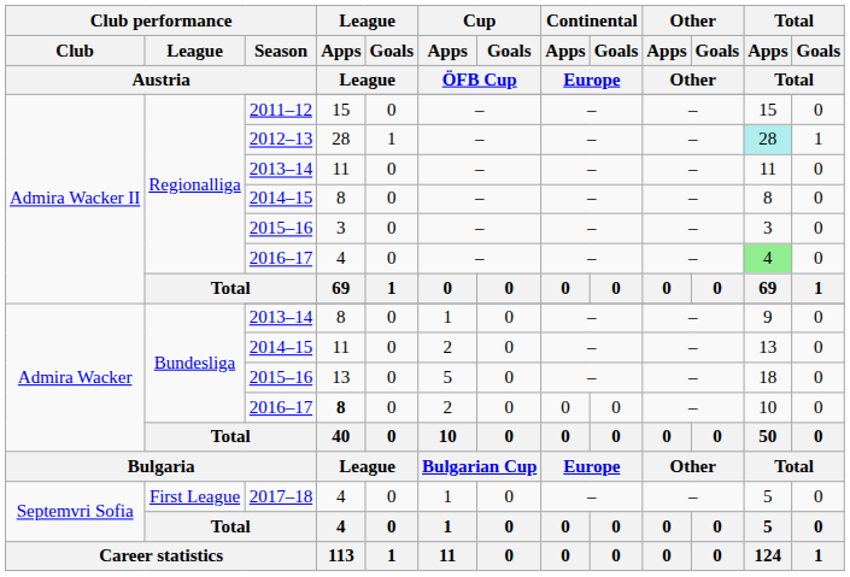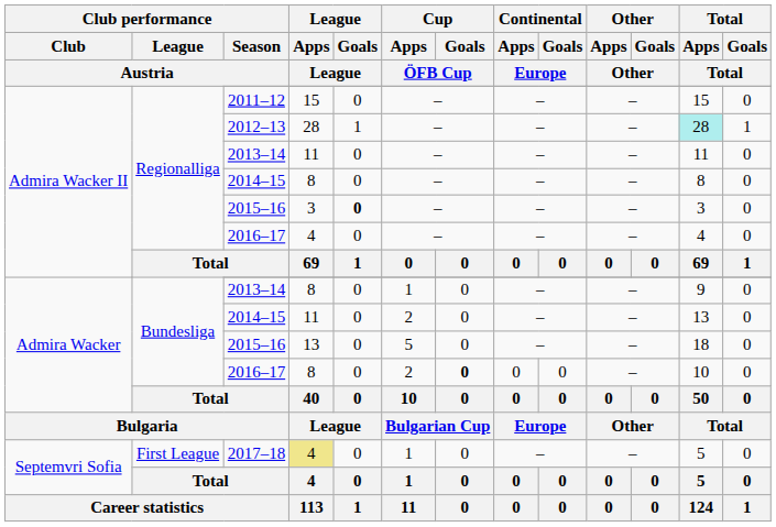 <table class="wikitable" style="font-size:90%; text-align: center">
 <tr>
 <th Colspan="3">Club performance</th>
 <th Colspan="2">League</th>
 <th Colspan="2">Cup</th>
 <th Colspan="2">Continental</th>
 <th Colspan="2">Other</th>
 <th Colspan="3">Total</th>
 </tr>
 <tr>
 <th>Club</th>
 <th>League</th>
 <th>Season</th>
 <th>Apps</th>
 <th>Goals</th>
 <th>Apps</th>
 <th>Goals</th>
 <th>Apps</th>
 <th>Goals</th>
 <th>Apps</th>
 <th>Goals</th>
 <th>Apps</th>
 <th>Goals</th>
 </tr>
 <tr>
 <th Colspan="3">Austria</th>
 <th Colspan="2">League</th>
 <th Colspan="2"><a href='#'>ÖFB Cup</a></th>
 <th Colspan="2"><a href='#'>Europe</a></th>
 <th Colspan="2">Other</th>
 <th Colspan="2">Total</th>
 </tr>
 <tr>
 <td rowspan="8" valign="center"><a href='#'>Admira Wacker II</a></td>
 <td rowspan="7"><a href='#'>Regionalliga</a></td>
 </tr>
 <tr>
 <td><a href='#'>2011–12</a></td>
 <td>15</td>
 <td>0</td>
 <td colspan="2">–</td>
 <td colspan="2">–</td>
 <td colspan="2">–</td>
 <td>15</td>
 <td>0</td>
 </tr>
 <tr>
 <td><a href='#'>2012–13</a></td>
 <td>28</td>
 <td>1</td>
 <td colspan="2">–</td>
 <td colspan="2">–</td>
 <td colspan="2">–</td>
 <td style="background: paleturquoise;">28</td>
 <td>1</td>
 </tr>
 <tr>
 <td><a href='#'>2013–14</a></td>
 <td>11</td>
 <td>0</td>
 <td colspan="2">–</td>
 <td colspan="2">–</td>
 <td colspan="2">–</td>
 <td>11</td>
 <td>0</td>
 </tr>
 <tr>
 <td><a href='#'>2014–15</a></td>
 <td>8</td>
 <td>0</td>
 <td colspan="2">–</td>
 <td colspan="2">–</td>
 <td colspan="2">–</td>
 <td>8</td>
 <td>0</td>
 </tr>
 <tr>
 <td><a href='#'>2015–16</a></td>
 <td>3</td>
-<td>0</td>
+<td><strong>0</strong></td>
 <td colspan="2">–</td>
 <td colspan="2">–</td>
 <td colspan="2">–</td>
 <td>3</td>
 <td>0</td>
 </tr>
 <tr>
 <td><a href='#'>2016–17</a></td>
 <td>4</td>
 <td>0</td>
 <td colspan="2">–</td>
 <td colspan="2">–</td>
 <td colspan="2">–</td>
-<td style="background: lightgreen;">4</td>
+<td>4</td>
 <td>0</td>
 </tr>
 <tr>
 <th colspan=2>Total</th>
 <th>69</th>
 <th>1</th>
 <th>0</th>
 <th>0</th>
 <th>0</th>
 <th>0</th>
 <th>0</th>
 <th>0</th>
 <th>69</th>
 <th>1</th>
 </tr>
 <tr>
 <td rowspan="6" valign="center"><a href='#'>Admira Wacker</a></td>
 <td rowspan="5"><a href='#'>Bundesliga</a></td>
 </tr>
 <tr>
 <td><a href='#'>2013–14</a></td>
 <td>8</td>
 <td>0</td>
 <td>1</td>
 <td>0</td>
 <td colspan="2">–</td>
 <td colspan="2">–</td>
 <td>9</td>
 <td>0</td>
 </tr>
 <tr>
 <td><a href='#'>2014–15</a></td>
 <td>11</td>
 <td>0</td>
 <td>2</td>
 <td>0</td>
 <td colspan="2">–</td>
 <td colspan="2">–</td>
 <td>13</td>
 <td>0</td>
 </tr>
 <tr>
 <td><a href='#'>2015–16</a></td>
 <td>13</td>
 <td>0</td>
 <td>5</td>
 <td>0</td>
 <td colspan="2">–</td>
 <td colspan="2">–</td>
 <td>18</td>
 <td>0</td>
 </tr>
 <tr>
 <td><a href='#'>2016–17</a></td>
-<td><strong>8</strong></td>
+<td>8</td>
 <td>0</td>
 <td>2</td>
-<td>0</td>
+<td><strong>0</strong></td>
 <td>0</td>
 <td>0</td>
 <td colspan="2">–</td>
 <td>10</td>
 <td>0</td>
 </tr>
 <tr>
 <th colspan=2>Total</th>
 <th>40</th>
 <th>0</th>
 <th>10</th>
 <th>0</th>
 <th>0</th>
 <th>0</th>
 <th>0</th>
 <th>0</th>
 <th>50</th>
 <th>0</th>
 </tr>
 <tr>
 <th Colspan="3">Bulgaria</th>
 <th Colspan="2">League</th>
 <th Colspan="2"><a href='#'>Bulgarian Cup</a></th>
 <th Colspan="2"><a href='#'>Europe</a></th>
 <th Colspan="2">Other</th>
 <th Colspan="2">Total</th>
 </tr>
 <tr>
 <td rowspan="2" valign="center"><a href='#'>Septemvri Sofia</a></td>
 <td rowspan="1"><a href='#'>First League</a></td>
 <td><a href='#'>2017–18</a></td>
-<td>4</td>
+<td style="background: khaki;">4</td>
 <td>0</td>
 <td>1</td>
 <td>0</td>
 <td colspan="2">–</td>
 <td colspan="2">–</td>
 <td>5</td>
 <td>0</td>
 </tr>
 <tr>
 <th colspan=2>Total</th>
 <th>4</th>
 <th>0</th>
 <th>1</th>
 <th>0</th>
 <th>0</th>
 <th>0</th>
 <th>0</th>
 <th>0</th>
 <th>5</th>
 <th>0</th>
 </tr>
 <tr>
 <th colspan="3">Career statistics</th>
 <th>113</th>
 <th>1</th>
 <th>11</th>
 <th>0</th>
 <th>0</th>
 <th>0</th>
 <th>0</th>
 <th>0</th>
 <th>124</th>
 <th>1</th>
 </tr>
 </table>
